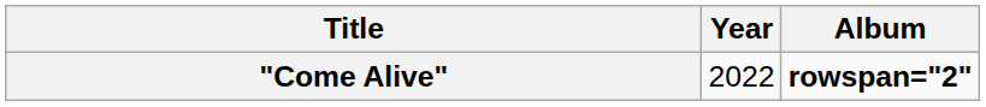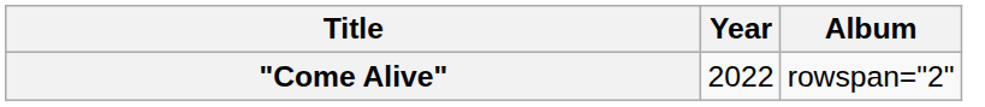 <table class="wikitable plainrowheaders" style="text-align:center;">
 <tr>
 <th style="width:23em;">Title</th>
 <th>Year</th>
 <th>Album</th>
 </tr>
 <tr>
 <th scope="row">"Come Alive" </th>
 <td rowspan="2">2022</td>
-<td><strong>rowspan="2" </strong></td>
+<td>rowspan="2" </td>
 </tr>
 </table>
